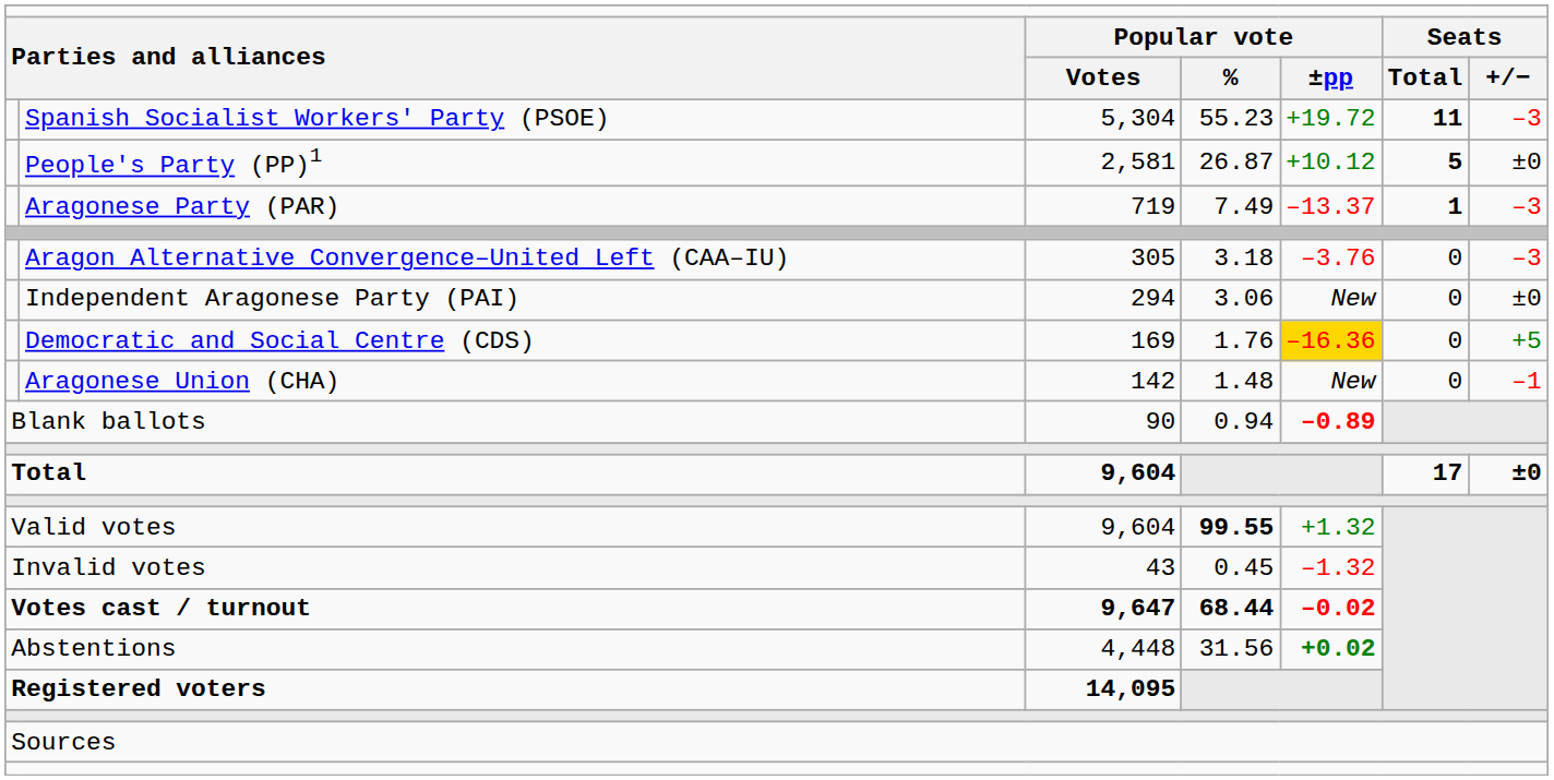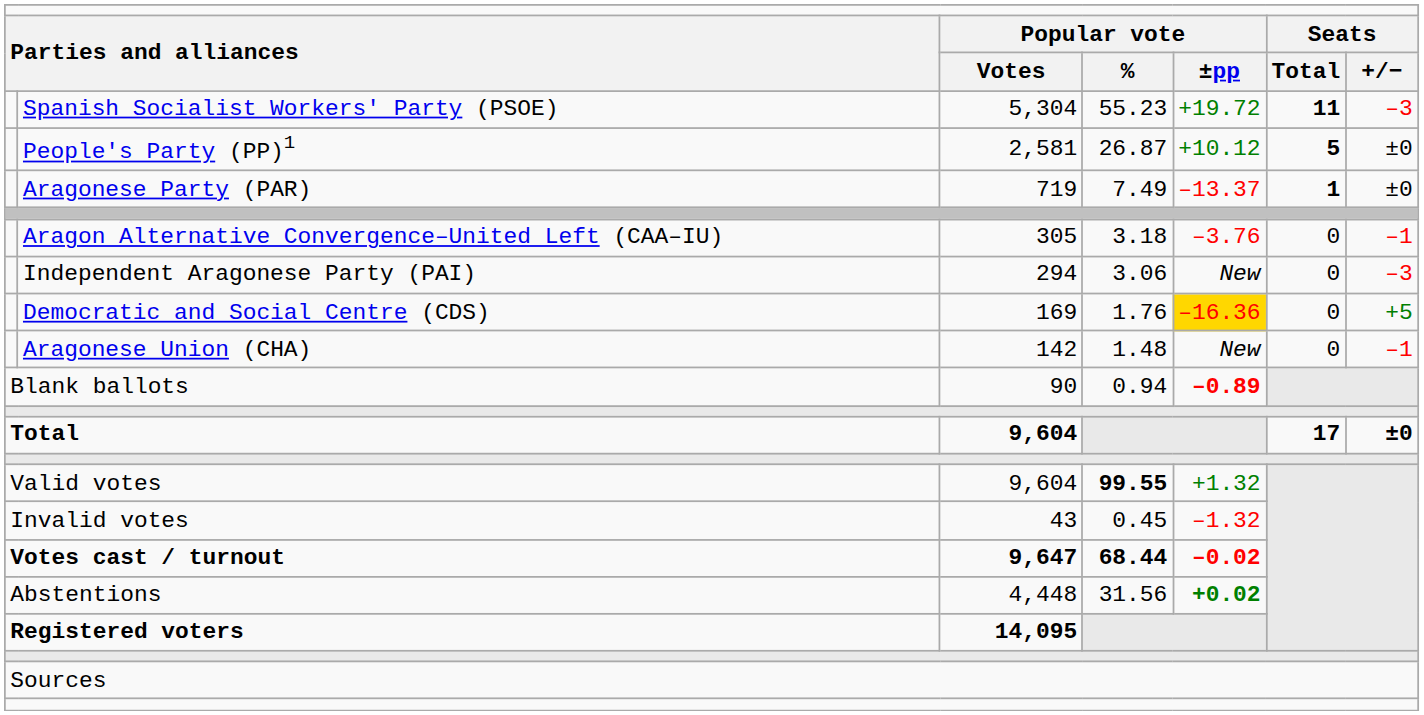 <table class="wikitable" style="text-align:right;">
 <tr>
 <td colspan="7"></td>
 </tr>
 <tr>
 <th style="text-align:left;" rowspan="2" colspan="2" width="525">Parties and alliances</th>
 <th colspan="3">Popular vote</th>
 <th colspan="2">Seats</th>
 </tr>
 <tr>
 <th width="75">Votes</th>
 <th width="45">%</th>
 <th width="45">±<a href='#'>pp</a></th>
 <th width="35">Total</th>
 <th width="35">+/−</th>
 </tr>
 <tr>
 <td width="1" style="color:inherit;background:"></td>
 <td align="left"><a href='#'>Spanish Socialist Workers' Party</a> (PSOE)</td>
 <td>5,304</td>
 <td>55.23</td>
 <td style="color:green;">+19.72</td>
 <td><strong>11</strong></td>
 <td style="color:red;">–3</td>
 </tr>
 <tr>
 <td style="color:inherit;background:"></td>
 <td align="left"><a href='#'>People's Party</a> (PP)<sup>1</sup></td>
 <td>2,581</td>
 <td>26.87</td>
 <td style="color:green;">+10.12</td>
 <td><strong>5</strong></td>
 <td>±0</td>
 </tr>
 <tr>
 <td style="color:inherit;background:"></td>
 <td align="left"><a href='#'>Aragonese Party</a> (PAR)</td>
 <td>719</td>
 <td>7.49</td>
 <td style="color:red;">–13.37</td>
 <td><strong>1</strong></td>
-<td style="color:red;">–3</td>
+<td>±0</td>
 </tr>
 <tr>
 <td colspan="7" bgcolor="#C0C0C0"></td>
 </tr>
 <tr>
 <td style="color:inherit;background:"></td>
 <td align="left"><a href='#'>Aragon Alternative Convergence–United Left</a> (CAA–IU)</td>
 <td>305</td>
 <td>3.18</td>
 <td style="color:red;">–3.76</td>
 <td>0</td>
-<td style="color:red;">–3</td>
+<td style="color:red;">–1</td>
 </tr>
 <tr>
 <td style="color:inherit;background:"></td>
 <td align="left">Independent Aragonese Party (PAI)</td>
 <td>294</td>
 <td>3.06</td>
 <td><em>New</em></td>
 <td>0</td>
-<td>±0</td>
+<td style="color:red;">–3</td>
 </tr>
 <tr>
 <td style="color:inherit;background:"></td>
 <td align="left"><a href='#'>Democratic and Social Centre</a> (CDS)</td>
 <td>169</td>
 <td>1.76</td>
 <td style="background: gold; color:red;">–16.36</td>
 <td>0</td>
 <td style="color:green;">+5</td>
 </tr>
 <tr>
 <td style="color:inherit;background:"></td>
 <td align="left"><a href='#'>Aragonese Union</a> (CHA)</td>
 <td>142</td>
 <td>1.48</td>
 <td><em>New</em></td>
 <td>0</td>
 <td style="color:red;">–1</td>
 </tr>
 <tr>
 <td align="left" colspan="2">Blank ballots</td>
 <td>90</td>
 <td>0.94</td>
 <td style="color:red;"><strong>–0.89</strong></td>
 <td bgcolor="#E9E9E9" colspan="2"></td>
 </tr>
 <tr>
 <td colspan="7" bgcolor="#E9E9E9"></td>
 </tr>
 <tr style="font-weight:bold;">
 <td align="left" colspan="2">Total</td>
 <td>9,604</td>
 <td bgcolor="#E9E9E9" colspan="2"></td>
 <td>17</td>
 <td>±0</td>
 </tr>
 <tr>
 <td colspan="7" bgcolor="#E9E9E9"></td>
 </tr>
 <tr>
 <td align="left" colspan="2">Valid votes</td>
 <td>9,604</td>
 <td><strong>99.55</strong></td>
 <td style="color:green;">+1.32</td>
 <td bgcolor="#E9E9E9" colspan="2" rowspan="5"></td>
 </tr>
 <tr>
 <td align="left" colspan="2">Invalid votes</td>
 <td>43</td>
 <td>0.45</td>
 <td style="color:red;">–1.32</td>
 </tr>
 <tr style="font-weight:bold;">
 <td align="left" colspan="2">Votes cast / turnout</td>
 <td>9,647</td>
 <td>68.44</td>
 <td style="color:red;">–0.02</td>
 </tr>
 <tr>
 <td align="left" colspan="2">Abstentions</td>
 <td>4,448</td>
 <td>31.56</td>
 <td style="color:green;"><strong>+0.02</strong></td>
 </tr>
 <tr style="font-weight:bold;">
 <td align="left" colspan="2">Registered voters</td>
 <td>14,095</td>
 <td bgcolor="#E9E9E9" colspan="2"></td>
 </tr>
 <tr>
 <td colspan="7" bgcolor="#E9E9E9"></td>
 </tr>
 <tr>
 <td align="left" colspan="7">Sources</td>
 </tr>
 <tr>
 <td colspan="7" style="text-align:left; max-width:790px;"></td>
 </tr>
 </table>
